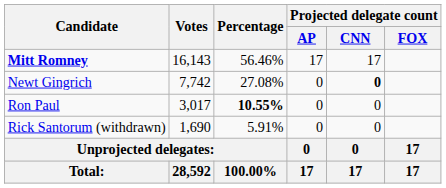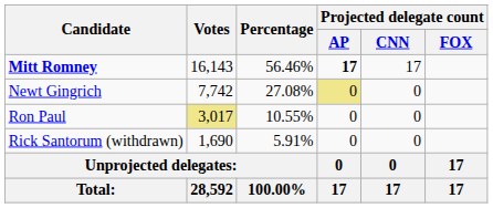 <table class="wikitable" style="text-align:right;">
 <tr>
 <th rowspan="2">Candidate</th>
 <th rowspan="2">Votes</th>
 <th rowspan="2">Percentage</th>
 <th colspan="3">Projected delegate count</th>
 </tr>
 <tr>
 <th><a href='#'>AP</a></th>
 <th><a href='#'>CNN</a><br></th>
 <th><a href='#'>FOX</a><br></th>
 </tr>
 <tr>
 <td style="text-align:left;"> <strong><a href='#'>Mitt Romney</a></strong></td>
 <td>16,143</td>
 <td>56.46%</td>
-<td>17</td>
+<td><strong>17</strong></td>
 <td>17</td>
 <td></td>
 </tr>
 <tr>
 <td style="text-align:left;"><a href='#'>Newt Gingrich</a></td>
 <td>7,742</td>
 <td>27.08%</td>
+<td style="background: khaki;">0</td>
 <td>0</td>
-<td><strong>0</strong></td>
 <td></td>
 </tr>
 <tr>
 <td style="text-align:left;"><a href='#'>Ron Paul</a></td>
-<td>3,017</td>
-<td><strong>10.55%</strong></td>
+<td style="background: khaki;">3,017</td>
+<td>10.55%</td>
 <td>0</td>
 <td>0</td>
 <td></td>
 </tr>
 <tr>
 <td style="text-align:left;"><a href='#'>Rick Santorum</a> (withdrawn)</td>
 <td>1,690</td>
 <td>5.91%</td>
 <td>0</td>
 <td>0</td>
 <td></td>
 </tr>
 <tr style="background:#eee;">
 <th colspan="3">Unprojected delegates:</th>
 <th>0</th>
 <th>0</th>
 <th>17</th>
 </tr>
 <tr style="background:#eee;">
 <th>Total:</th>
 <th>28,592</th>
 <th>100.00%</th>
 <th>17</th>
 <th>17</th>
 <th>17</th>
 </tr>
 </table>
